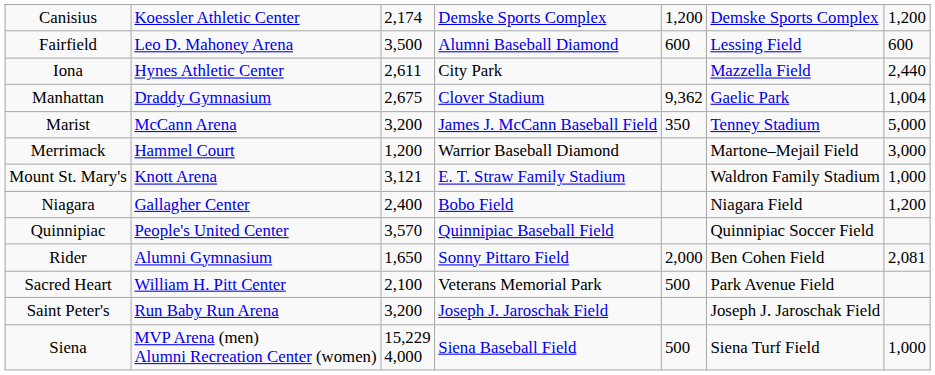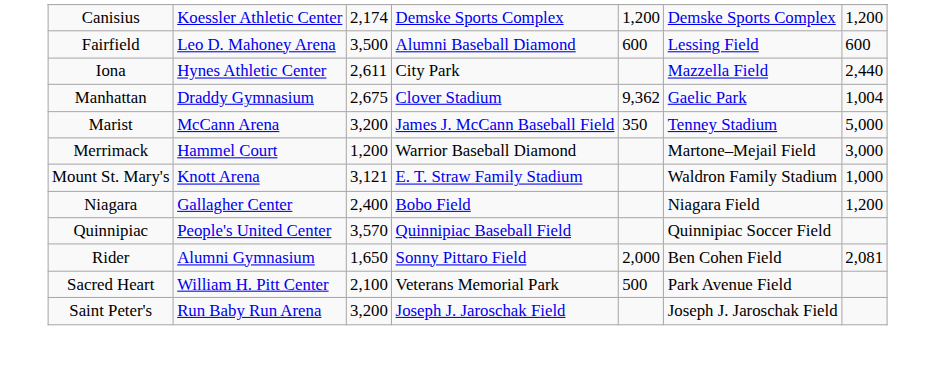 <table class="wikitable sortable" style="margin: auto;">
 <tr>
 </tr>
 <tr>
 <td style="text-align:center; ">Canisius</td>
 <td><a href='#'>Koessler Athletic Center</a></td>
 <td>2,174</td>
 <td><a href='#'>Demske Sports Complex</a></td>
 <td>1,200</td>
 <td><a href='#'>Demske Sports Complex</a></td>
 <td>1,200</td>
 </tr>
 <tr>
 <td style="text-align:center; ">Fairfield</td>
 <td><a href='#'>Leo D. Mahoney Arena</a></td>
 <td>3,500</td>
 <td><a href='#'>Alumni Baseball Diamond</a></td>
 <td>600</td>
 <td><a href='#'>Lessing Field</a></td>
 <td>600</td>
 </tr>
 <tr>
 <td style="text-align:center; ">Iona</td>
 <td><a href='#'>Hynes Athletic Center</a></td>
 <td>2,611</td>
 <td>City Park</td>
 <td></td>
 <td><a href='#'>Mazzella Field</a></td>
 <td>2,440</td>
 </tr>
 <tr>
 <td style="text-align:center; ">Manhattan</td>
 <td><a href='#'>Draddy Gymnasium</a></td>
 <td>2,675</td>
 <td><a href='#'>Clover Stadium</a></td>
 <td>9,362</td>
 <td><a href='#'>Gaelic Park</a></td>
 <td>1,004</td>
 </tr>
 <tr>
 <td style="text-align:center; ">Marist</td>
 <td><a href='#'>McCann Arena</a></td>
 <td>3,200</td>
 <td><a href='#'>James J. McCann Baseball Field</a></td>
 <td>350</td>
 <td><a href='#'>Tenney Stadium</a></td>
 <td>5,000</td>
 </tr>
 <tr>
 <td style="text-align:center; ">Merrimack</td>
 <td><a href='#'>Hammel Court</a></td>
 <td>1,200</td>
 <td>Warrior Baseball Diamond</td>
 <td></td>
 <td>Martone–Mejail Field</td>
 <td>3,000</td>
 </tr>
 <tr>
 <td style="text-align:center; ">Mount St. Mary's</td>
 <td><a href='#'>Knott Arena</a></td>
 <td>3,121</td>
 <td><a href='#'>E. T. Straw Family Stadium</a></td>
 <td></td>
 <td>Waldron Family Stadium</td>
 <td>1,000</td>
 </tr>
 <tr>
 <td style="text-align:center; ">Niagara</td>
 <td><a href='#'>Gallagher Center</a></td>
 <td>2,400</td>
 <td><a href='#'>Bobo Field</a></td>
 <td></td>
 <td>Niagara Field</td>
 <td>1,200</td>
 </tr>
 <tr>
 <td style="text-align:center; ">Quinnipiac</td>
 <td><a href='#'>People's United Center</a></td>
 <td>3,570</td>
 <td><a href='#'>Quinnipiac Baseball Field</a></td>
 <td></td>
 <td>Quinnipiac Soccer Field</td>
 <td></td>
 </tr>
 <tr>
 <td style="text-align:center; ">Rider</td>
 <td><a href='#'>Alumni Gymnasium</a></td>
 <td>1,650</td>
 <td><a href='#'>Sonny Pittaro Field</a></td>
 <td>2,000</td>
 <td>Ben Cohen Field</td>
 <td>2,081</td>
 </tr>
 <tr>
 <td style="text-align:center; ">Sacred Heart</td>
 <td><a href='#'>William H. Pitt Center</a></td>
 <td>2,100</td>
 <td>Veterans Memorial Park</td>
 <td>500</td>
 <td>Park Avenue Field</td>
 <td></td>
 </tr>
 <tr>
 <td style="text-align:center; ">Saint Peter's</td>
 <td><a href='#'>Run Baby Run Arena</a></td>
 <td>3,200</td>
 <td><a href='#'>Joseph J. Jaroschak Field</a></td>
 <td></td>
 <td>Joseph J. Jaroschak Field</td>
 <td></td>
 </tr>
-<tr>
-<td style="text-align:center; ">Siena</td>
-<td><a href='#'>MVP Arena</a> (men) <br> <a href='#'>Alumni Recreation Center</a> (women)</td>
-<td>15,229<br>4,000</td>
-<td><a href='#'>Siena Baseball Field</a></td>
-<td>500</td>
-<td>Siena Turf Field</td>
-<td>1,000</td>
-</tr>
 </table>
